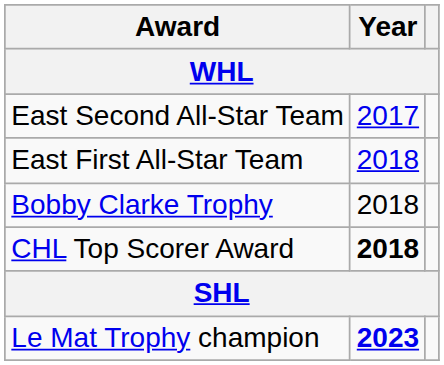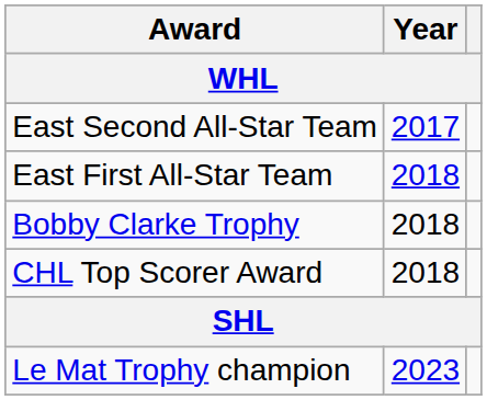 <table class="wikitable">
 <tr>
 <th>Award</th>
 <th>Year</th>
 <th></th>
 </tr>
 <tr ALIGN="center" bgcolor="#e0e0e0">
 <th colspan="3"><a href='#'>WHL</a></th>
 </tr>
 <tr>
 <td>East Second All-Star Team</td>
 <td><a href='#'>2017</a></td>
 <td></td>
 </tr>
 <tr>
 <td>East First All-Star Team</td>
 <td><a href='#'>2018</a></td>
 <td></td>
 </tr>
 <tr>
 <td><a href='#'>Bobby Clarke Trophy</a></td>
 <td>2018</td>
 <td></td>
 </tr>
 <tr>
 <td><a href='#'>CHL</a> Top Scorer Award</td>
-<td><strong>2018</strong></td>
+<td>2018</td>
 <td></td>
 </tr>
 <tr>
 <th colspan="3"><a href='#'>SHL</a></th>
 </tr>
 <tr>
 <td><a href='#'>Le Mat Trophy</a> champion</td>
-<td><strong><a href='#'>2023</a></strong></td>
+<td><a href='#'>2023</a></td>
 <td></td>
 </tr>
 </table>
